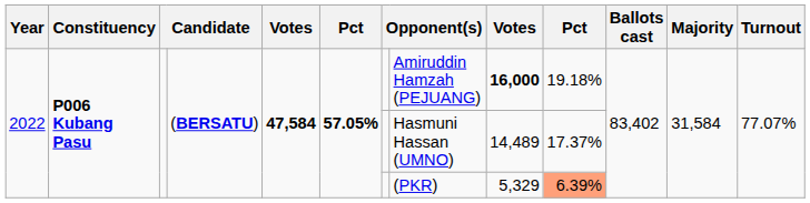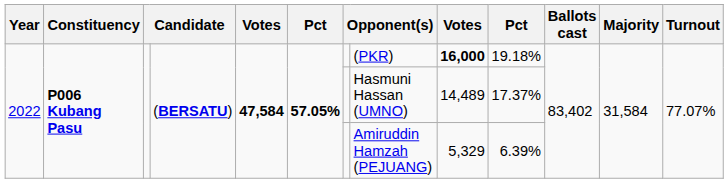 <table class="wikitable" style="margin:0.5em ; font-size:95%">
 <tr>
 <th>Year</th>
 <th>Constituency</th>
 <th colspan=2>Candidate</th>
 <th>Votes</th>
 <th>Pct</th>
 <th colspan=2>Opponent(s)</th>
 <th>Votes</th>
 <th>Pct</th>
 <th>Ballots cast</th>
 <th>Majority</th>
 <th>Turnout</th>
 </tr>
 <tr>
 <td rowspan=3><a href='#'>2022</a></td>
 <td rowspan=3><strong>P006 <a href='#'>Kubang Pasu</a></strong></td>
 <td rowspan=3 bgcolor=></td>
 <td rowspan=3> (<a href='#'><strong>BERSATU</strong></a>)</td>
 <td rowspan=3 align="right"><strong>47,584</strong></td>
 <td rowspan=3><strong>57.05%</strong></td>
 <td></td>
-<td><a href='#'>Amiruddin Hamzah</a> (<a href='#'>PEJUANG</a>)</td>
+<td> (<a href='#'>PKR</a>)</td>
 <td align="right"><strong>16,000</strong></td>
 <td>19.18%</td>
 <td rowspan=3>83,402</td>
 <td rowspan=3>31,584</td>
 <td rowspan=3>77.07%</td>
 </tr>
 <tr>
 <td></td>
 <td>Hasmuni Hassan (<a href='#'>UMNO</a>)</td>
 <td align="right">14,489</td>
 <td>17.37%</td>
 </tr>
 <tr>
 <td bgcolor=></td>
-<td> (<a href='#'>PKR</a>)</td>
+<td><a href='#'>Amiruddin Hamzah</a> (<a href='#'>PEJUANG</a>)</td>
 <td align="right">5,329</td>
-<td align="right" style="background: lightsalmon;">6.39%</td>
+<td align="right">6.39%</td>
 </tr>
 </table>
